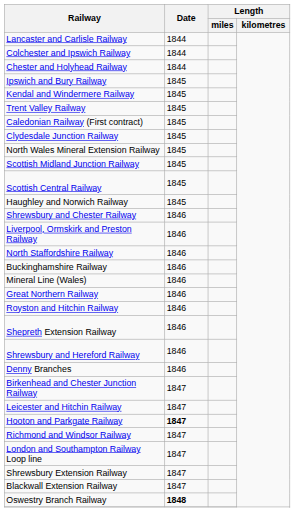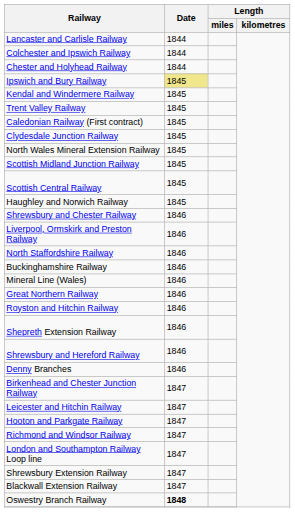 <table class="wikitable" style="font-size: 90%;">
 <tr>
 <th rowspan=2 style="width:256px">Railway</th>
 <th rowspan=2 style="width:64px">Date</th>
 <th colspan=2 style="width:128px">Length</th>
 </tr>
 <tr>
 <th>miles</th>
 <th>kilometres</th>
 </tr>
 <tr>
 <td><a href='#'>Lancaster and Carlisle Railway</a></td>
 <td>1844</td>
 <td></td>
 </tr>
 <tr>
 <td><a href='#'>Colchester and Ipswich Railway</a></td>
 <td>1844</td>
 <td></td>
 </tr>
 <tr>
 <td><a href='#'>Chester and Holyhead Railway</a></td>
 <td>1844</td>
 <td></td>
 </tr>
 <tr>
 <td><a href='#'>Ipswich and Bury Railway</a></td>
-<td>1845</td>
+<td style="background: khaki;">1845</td>
 <td></td>
 </tr>
 <tr>
 <td><a href='#'>Kendal and Windermere Railway</a></td>
 <td>1845</td>
 <td></td>
 </tr>
 <tr>
 <td><a href='#'>Trent Valley Railway</a></td>
 <td>1845</td>
 <td></td>
 </tr>
 <tr>
 <td><a href='#'>Caledonian Railway</a> (First contract)</td>
 <td>1845</td>
 <td></td>
 </tr>
 <tr>
 <td><a href='#'>Clydesdale Junction Railway</a></td>
 <td>1845</td>
 <td></td>
 </tr>
 <tr>
 <td>North Wales Mineral Extension Railway</td>
 <td>1845</td>
 <td></td>
 </tr>
 <tr>
 <td><a href='#'>Scottish Midland Junction Railway</a></td>
 <td>1845</td>
 <td></td>
 </tr>
 <tr>
 <td><br><a href='#'>Scottish Central Railway</a></td>
 <td>1845</td>
 <td></td>
 </tr>
 <tr>
 <td>Haughley and Norwich Railway</td>
 <td>1845</td>
 <td></td>
 </tr>
 <tr>
 <td><a href='#'>Shrewsbury and Chester Railway</a></td>
 <td>1846</td>
 <td></td>
 </tr>
 <tr>
 <td><a href='#'>Liverpool, Ormskirk and Preston Railway</a></td>
 <td>1846</td>
 <td></td>
 </tr>
 <tr>
 <td><a href='#'>North Staffordshire Railway</a></td>
 <td>1846</td>
 <td></td>
 </tr>
 <tr>
 <td>Buckinghamshire Railway</td>
 <td>1846</td>
 <td></td>
 </tr>
 <tr>
 <td>Mineral Line (Wales)</td>
 <td>1846</td>
 <td></td>
 </tr>
 <tr>
 <td><a href='#'>Great Northern Railway</a></td>
 <td>1846</td>
 <td></td>
 </tr>
 <tr>
 <td><a href='#'>Royston and Hitchin Railway</a></td>
 <td>1846</td>
 <td></td>
 </tr>
 <tr>
 <td><br><a href='#'>Shepreth</a> Extension Railway</td>
 <td>1846</td>
 <td></td>
 </tr>
 <tr>
 <td><br><a href='#'>Shrewsbury and Hereford Railway</a></td>
 <td>1846</td>
 <td></td>
 </tr>
 <tr>
 <td><a href='#'>Denny</a> Branches</td>
 <td>1846</td>
 <td></td>
 </tr>
 <tr>
 <td><a href='#'>Birkenhead and Chester Junction Railway</a></td>
 <td>1847</td>
 <td></td>
 </tr>
 <tr>
 <td><a href='#'>Leicester and Hitchin Railway</a></td>
 <td>1847</td>
 <td></td>
 </tr>
 <tr>
 <td><a href='#'>Hooton and Parkgate Railway</a></td>
-<td><strong>1847</strong></td>
+<td>1847</td>
 <td></td>
 </tr>
 <tr>
 <td><a href='#'>Richmond and Windsor Railway</a></td>
 <td>1847</td>
 <td></td>
 </tr>
 <tr>
 <td><a href='#'>London and Southampton Railway</a> Loop line</td>
 <td>1847</td>
 <td></td>
 </tr>
 <tr>
 <td>Shrewsbury Extension Railway</td>
 <td>1847</td>
 <td></td>
 </tr>
 <tr>
 <td>Blackwall Extension Railway</td>
 <td>1847</td>
 <td></td>
 </tr>
 <tr>
 <td>Oswestry Branch Railway</td>
 <td><strong>1848</strong></td>
 <td></td>
 </tr>
 <tr>
 </tr>
 </table>
